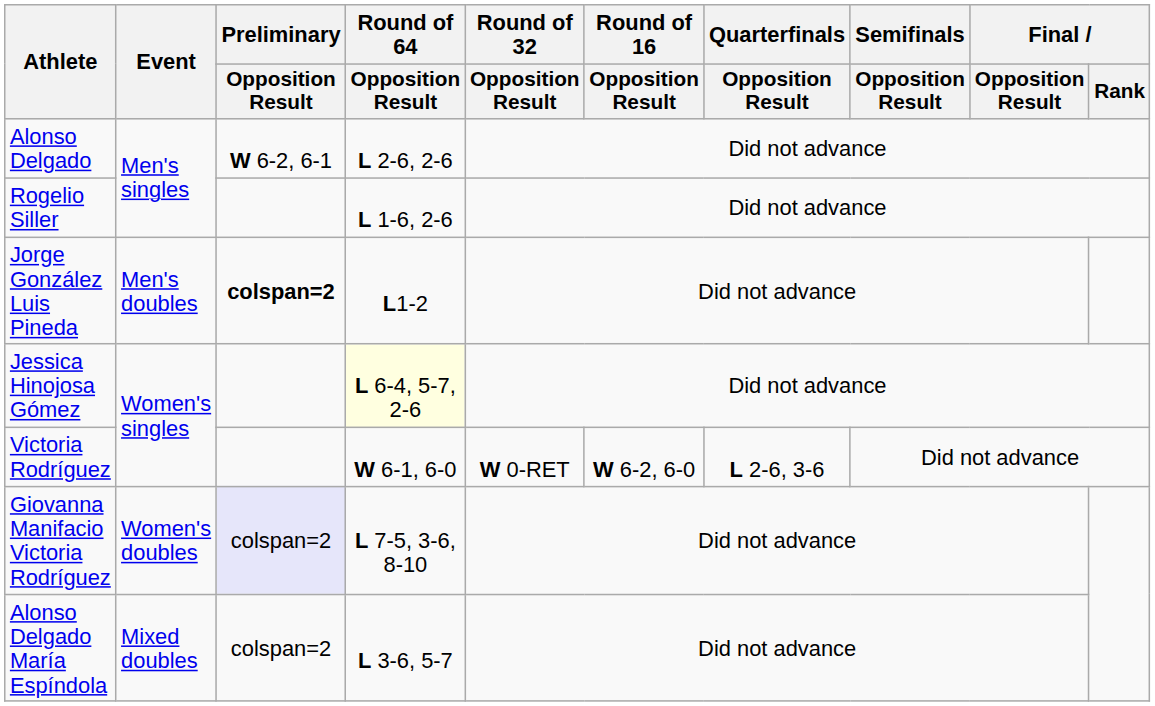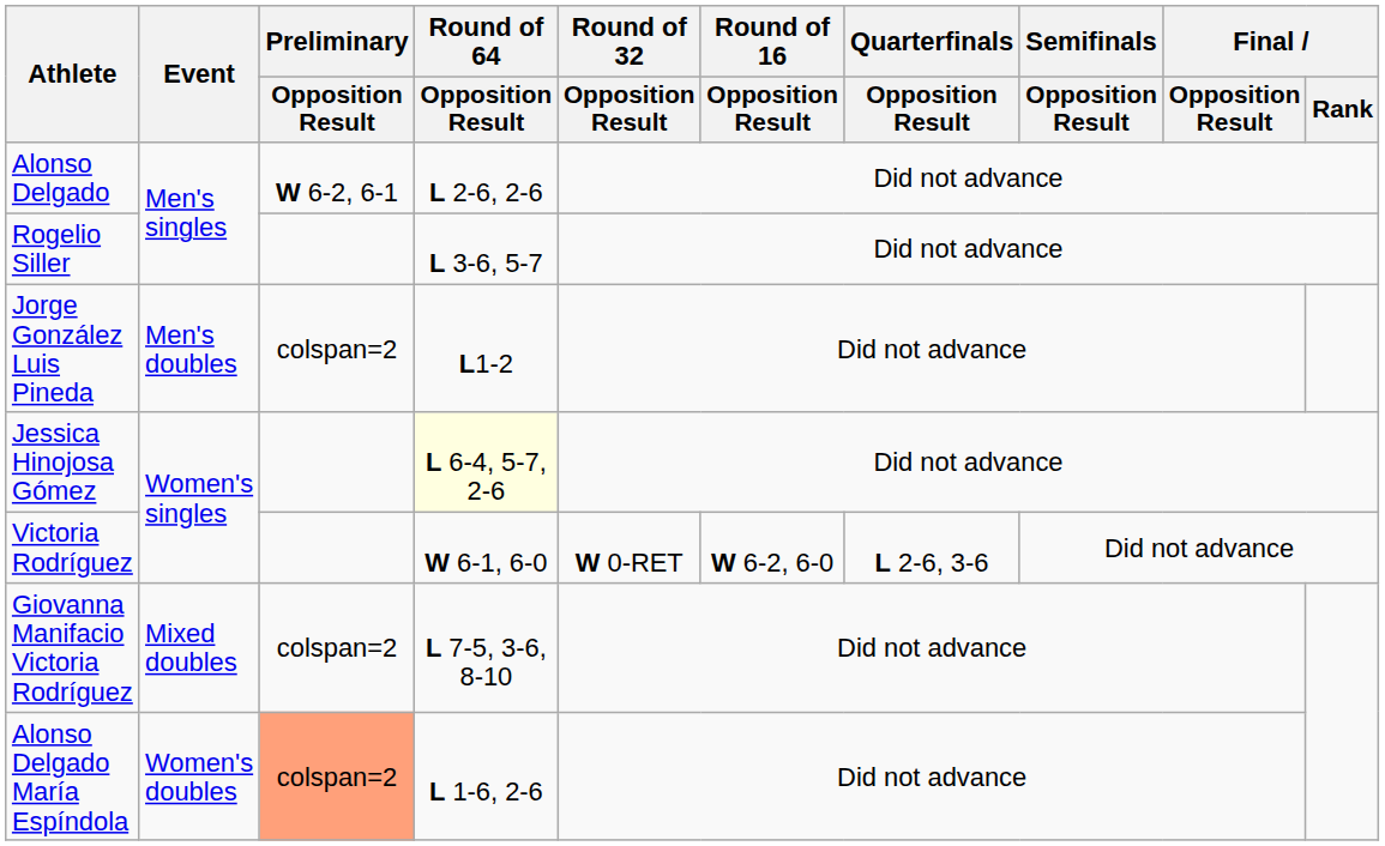 <table class="wikitable" style="font-size:90%;">
 <tr>
 <th rowspan=2>Athlete</th>
 <th rowspan=2>Event</th>
 <th>Preliminary</th>
 <th>Round of 64</th>
 <th>Round of 32</th>
 <th>Round of 16</th>
 <th>Quarterfinals</th>
 <th>Semifinals</th>
 <th colspan=2>Final / </th>
 </tr>
 <tr style="font-size:95%">
 <th>Opposition<br>Result</th>
 <th>Opposition<br>Result</th>
 <th>Opposition<br>Result</th>
 <th>Opposition<br>Result</th>
 <th>Opposition<br>Result</th>
 <th>Opposition<br>Result</th>
 <th>Opposition<br>Result</th>
 <th>Rank</th>
 </tr>
 <tr align=center>
 <td align=left><a href='#'>Alonso Delgado</a></td>
 <td align=left rowspan=2><a href='#'>Men's singles</a></td>
 <td><br><strong>W</strong> 6-2, 6-1</td>
 <td><br> <strong>L</strong> 2-6, 2-6</td>
 <td colspan=6>Did not advance</td>
 </tr>
 <tr align=center>
 <td align=left><a href='#'>Rogelio Siller</a></td>
 <td></td>
-<td><br><strong>L</strong> 1-6, 2-6</td>
+<td><br><strong>L</strong> 3-6, 5-7</td>
 <td colspan = 6>Did not advance</td>
 </tr>
 <tr align=center>
 <td align=left><a href='#'>Jorge González</a><br><a href='#'>Luis Pineda</a></td>
 <td align=left><a href='#'>Men's doubles</a></td>
-<td><strong>colspan=2 </strong></td>
+<td>colspan=2 </td>
 <td><br><strong>L</strong>1-2</td>
 <td colspan=5>Did not advance</td>
 </tr>
 <tr align=center>
 <td align=left><a href='#'>Jessica Hinojosa Gómez</a></td>
 <td align=left rowspan=2><a href='#'>Women's singles</a></td>
 <td></td>
 <td style="background: lightyellow;"><br><strong>L</strong> 6-4, 5-7, 2-6</td>
 <td colspan=6>Did not advance</td>
 </tr>
 <tr align=center>
 <td align=left><a href='#'>Victoria Rodríguez</a></td>
 <td></td>
 <td><br><strong>W</strong> 6-1, 6-0</td>
 <td><br><strong>W</strong> 0-RET</td>
 <td><br><strong>W</strong> 6-2, 6-0</td>
 <td><br><strong>L</strong> 2-6, 3-6</td>
 <td colspan = 3>Did not advance</td>
 </tr>
 <tr align=center>
 <td align=left><a href='#'>Giovanna Manifacio</a><br><a href='#'>Victoria Rodríguez</a></td>
-<td align=left><a href='#'>Women's doubles</a></td>
-<td style="background: lavender;">colspan=2 </td>
+<td align=left><a href='#'>Mixed doubles</a></td>
+<td>colspan=2 </td>
 <td><br><strong>L</strong> 7-5, 3-6, 8-10</td>
 <td colspan=5>Did not advance</td>
 </tr>
 <tr align=center>
 <td align=left><a href='#'>Alonso Delgado</a><br><a href='#'>María Espíndola</a></td>
-<td align=left><a href='#'>Mixed doubles</a></td>
-<td>colspan=2 </td>
-<td><br><strong>L</strong> 3-6, 5-7</td>
+<td align=left><a href='#'>Women's doubles</a></td>
+<td style="background: lightsalmon;">colspan=2 </td>
+<td><br><strong>L</strong> 1-6, 2-6</td>
 <td colspan=5>Did not advance</td>
 </tr>
 </table>
